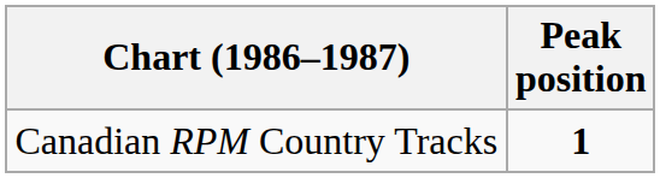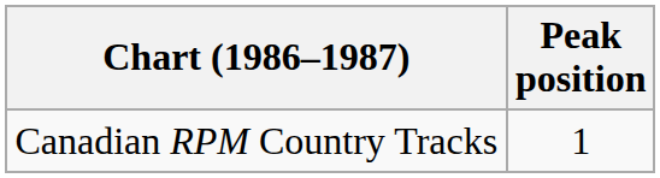 <table class="wikitable sortable">
 <tr>
 <th align="left">Chart (1986–1987)</th>
 <th align="center">Peak<br>position</th>
 </tr>
 <tr>
 </tr>
 <tr>
 <td align="left">Canadian <em>RPM</em> Country Tracks</td>
-<td align="center"><strong>1</strong></td>
+<td align="center">1</td>
 </tr>
 </table>
